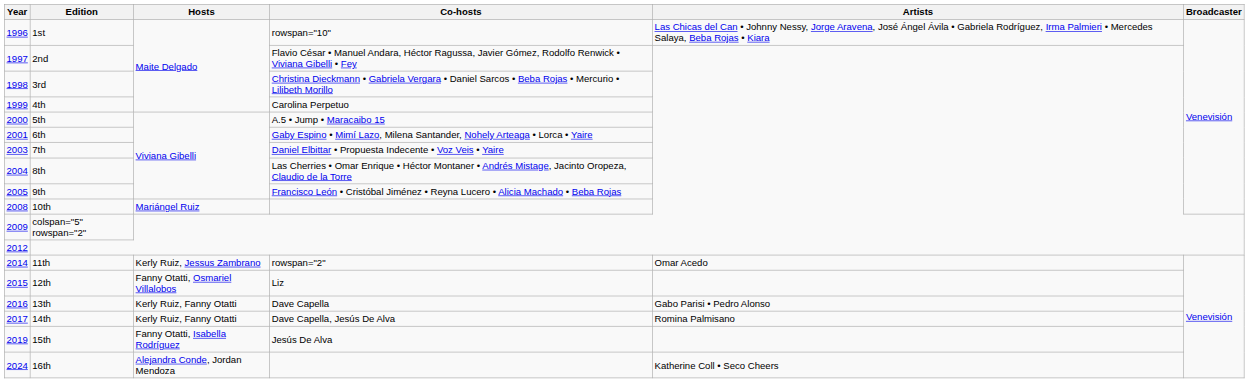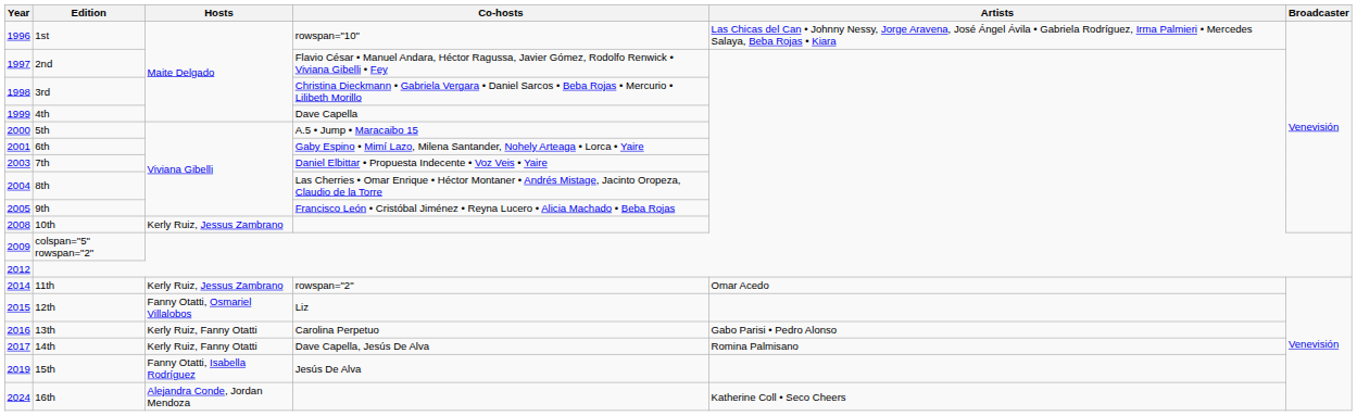 <table class="wikitable sortable" style="font-size: 95%;">
 <tr>
 <th>Year</th>
 <th>Edition</th>
 <th>Hosts</th>
 <th>Co-hosts</th>
 <th>Artists</th>
 <th>Broadcaster</th>
 </tr>
 <tr>
 <td><a href='#'>1996</a></td>
 <td>1st</td>
 <td rowspan="4"><a href='#'>Maite Delgado</a></td>
 <td>rowspan="10" </td>
 <td><a href='#'>Las Chicas del Can</a> • Johnny Nessy, <a href='#'>Jorge Aravena</a>, José Ángel Ávila • Gabriela Rodríguez, <a href='#'>Irma Palmieri</a> • Mercedes Salaya, <a href='#'>Beba Rojas</a> • <a href='#'>Kiara</a></td>
 <td rowspan="10"><a href='#'>Venevisión</a></td>
 </tr>
 <tr>
 <td><a href='#'>1997</a></td>
 <td>2nd</td>
 <td>Flavio César • Manuel Andara, Héctor Ragussa, Javier Gómez, Rodolfo Renwick • <a href='#'>Viviana Gibelli</a> • <a href='#'>Fey</a></td>
 </tr>
 <tr>
 <td><a href='#'>1998</a></td>
 <td>3rd</td>
 <td><a href='#'>Christina Dieckmann</a> • <a href='#'>Gabriela Vergara</a> • Daniel Sarcos • <a href='#'>Beba Rojas</a> • Mercurio • <a href='#'>Lilibeth Morillo</a></td>
 </tr>
 <tr>
 <td><a href='#'>1999</a></td>
 <td>4th</td>
-<td>Carolina Perpetuo</td>
+<td>Dave Capella</td>
 </tr>
 <tr>
 <td><a href='#'>2000</a></td>
 <td>5th</td>
 <td rowspan="5"><a href='#'>Viviana Gibelli</a></td>
 <td>A.5 • Jump • <a href='#'>Maracaibo 15</a></td>
 </tr>
 <tr>
 <td><a href='#'>2001</a></td>
 <td>6th</td>
 <td><a href='#'>Gaby Espino</a> • <a href='#'>Mimí Lazo</a>, Milena Santander, <a href='#'>Nohely Arteaga</a> • Lorca • <a href='#'>Yaire</a></td>
 </tr>
 <tr>
 <td><a href='#'>2003</a></td>
 <td>7th</td>
 <td><a href='#'>Daniel Elbittar</a> • Propuesta Indecente • <a href='#'>Voz Veis</a> • <a href='#'>Yaire</a></td>
 </tr>
 <tr>
 <td><a href='#'>2004</a></td>
 <td>8th</td>
 <td>Las Cherries • Omar Enrique • Héctor Montaner • <a href='#'>Andrés Mistage</a>, Jacinto Oropeza, <a href='#'>Claudio de la Torre</a></td>
 </tr>
 <tr>
 <td><a href='#'>2005</a></td>
 <td>9th</td>
 <td><a href='#'>Francisco León</a> • Cristóbal Jiménez • Reyna Lucero • <a href='#'>Alicia Machado</a> • <a href='#'>Beba Rojas</a></td>
 </tr>
 <tr>
 <td><a href='#'>2008</a></td>
 <td>10th</td>
-<td><a href='#'>Mariángel Ruiz</a></td>
+<td>Kerly Ruiz, <a href='#'>Jessus Zambrano</a></td>
 <td></td>
 </tr>
 <tr>
 <td><a href='#'>2009</a></td>
 <td>colspan="5" rowspan="2" </td>
 </tr>
 <tr>
 <td><a href='#'>2012</a></td>
 </tr>
 <tr>
 <td><a href='#'>2014</a></td>
 <td>11th</td>
 <td>Kerly Ruiz, <a href='#'>Jessus Zambrano</a></td>
 <td>rowspan="2"  </td>
 <td>Omar Acedo</td>
 <td rowspan="6"><a href='#'>Venevisión</a></td>
 </tr>
 <tr>
 <td><a href='#'>2015</a></td>
 <td>12th</td>
 <td>Fanny Otatti, <a href='#'>Osmariel Villalobos</a></td>
 <td>Liz</td>
 </tr>
 <tr>
 <td><a href='#'>2016</a></td>
 <td>13th</td>
 <td>Kerly Ruiz, Fanny Otatti</td>
-<td>Dave Capella</td>
+<td>Carolina Perpetuo</td>
 <td>Gabo Parisi • Pedro Alonso</td>
 </tr>
 <tr>
 <td><a href='#'>2017</a></td>
 <td>14th</td>
 <td>Kerly Ruiz, Fanny Otatti</td>
 <td>Dave Capella, Jesús De Alva</td>
 <td>Romina Palmisano</td>
 </tr>
 <tr>
 <td><a href='#'>2019</a></td>
 <td>15th</td>
 <td>Fanny Otatti, <a href='#'>Isabella Rodríguez</a></td>
 <td>Jesús De Alva</td>
 <td></td>
 </tr>
 <tr>
 <td><a href='#'>2024</a></td>
 <td>16th</td>
 <td><a href='#'>Alejandra Conde</a>, Jordan Mendoza</td>
 <td></td>
 <td>Katherine Coll • Seco Cheers</td>
 </tr>
 </table>
